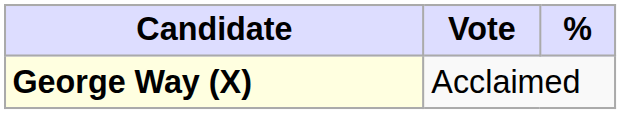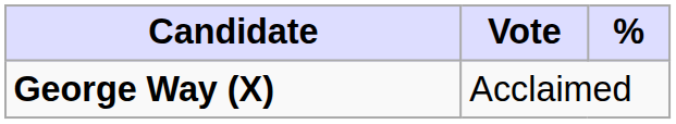 <table class="wikitable">
 <tr>
 <th style="background:#ddf; width:200px;">Candidate</th>
 <th style="background:#ddf; width:50px;">Vote</th>
 <th style="background:#ddf; width:30px;">%</th>
 </tr>
 <tr>
-<td style="background: lightyellow;"><strong>George Way (X)</strong></td>
+<td><strong>George Way (X)</strong></td>
 <td colspan="2">Acclaimed</td>
 </tr>
 </table>
